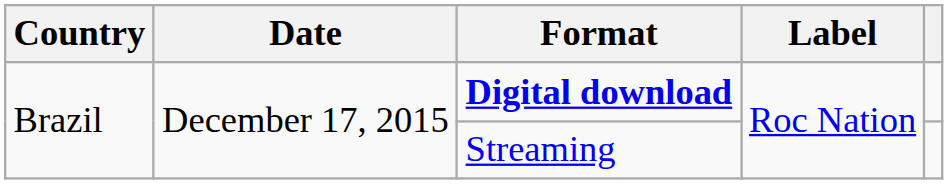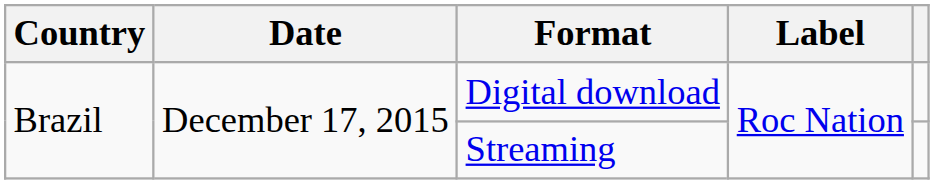 <table class="wikitable sortable plainrowheaders">
 <tr>
 <th>Country</th>
 <th>Date</th>
 <th>Format</th>
 <th>Label</th>
 <th></th>
 </tr>
 <tr>
 <td scope="row" rowspan="2">Brazil</td>
 <td rowspan="2">December 17, 2015</td>
-<td><strong><a href='#'>Digital download</a></strong></td>
+<td><a href='#'>Digital download</a></td>
 <td rowspan="2"><a href='#'>Roc Nation</a></td>
 <td></td>
 </tr>
 <tr>
 <td rowspan="2"><a href='#'>Streaming</a></td>
 <td></td>
 </tr>
 </table>
